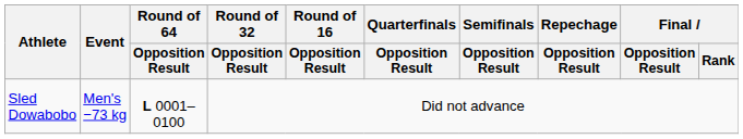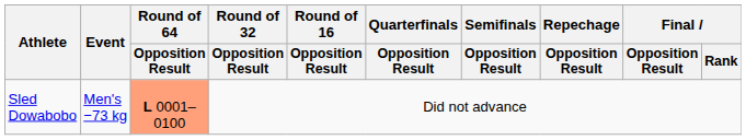 <table class="wikitable" style="font-size:90%">
 <tr>
 <th rowspan="2">Athlete</th>
 <th rowspan="2">Event</th>
 <th>Round of 64</th>
 <th>Round of 32</th>
 <th>Round of 16</th>
 <th>Quarterfinals</th>
 <th>Semifinals</th>
 <th>Repechage</th>
 <th colspan="2">Final / </th>
 </tr>
 <tr style="font-size:95%">
 <th>Opposition<br>Result</th>
 <th>Opposition<br>Result</th>
 <th>Opposition<br>Result</th>
 <th>Opposition<br>Result</th>
 <th>Opposition<br>Result</th>
 <th>Opposition<br>Result</th>
 <th>Opposition<br>Result</th>
 <th>Rank</th>
 </tr>
 <tr align="center">
 <td align="left"><a href='#'>Sled Dowabobo</a></td>
 <td align="left"><a href='#'>Men's −73 kg</a></td>
-<td><br><strong>L</strong> 0001–0100</td>
+<td style="background: lightsalmon;"><br><strong>L</strong> 0001–0100</td>
 <td colspan="7">Did not advance</td>
 </tr>
 </table>
